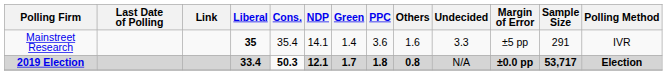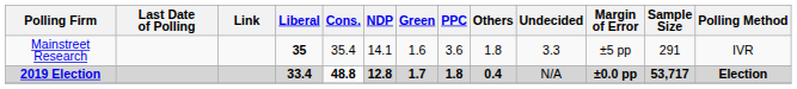 <table class="wikitable sortable" style="text-align:center;font-size:90%;line-height:14px;">
 <tr style="background:#e9e9e9;">
 <th style="width:120px">Polling Firm</th>
 <th style="width:110px">Last Date<br>of Polling</th>
 <th style="width:60px" class="unsortable">Link</th>
 <th style="background-color:"><a href='#'>Liberal</a></th>
 <th style="background-color:"><a href='#'>Cons.</a></th>
 <th style="background-color:"><a href='#'>NDP</a></th>
 <th style="background-color:"><a href='#'>Green</a></th>
 <th style="background-color:"><a href='#'><span>PPC</span></a></th>
 <th style="background-color:">Others</th>
 <th style="background-color:">Undecided</th>
 <th style="width:60px;" class=unsortable>Margin<br>of Error</th>
 <th style="width:50px;" class=unsortable>Sample<br>Size</th>
 <th class=unsortable>Polling Method</th>
 </tr>
 <tr>
 <td><a href='#'>Mainstreet Research</a></td>
 <td></td>
 <td></td>
 <td><strong>35</strong></td>
 <td>35.4</td>
 <td>14.1</td>
-<td>1.4</td>
+<td>1.6</td>
 <td>3.6</td>
-<td>1.6</td>
+<td>1.8</td>
 <td>3.3</td>
 <td>±5 pp</td>
 <td>291</td>
 <td>IVR</td>
 </tr>
 <tr>
 <td style="background:#D5D5D5"><strong><a href='#'>2019 Election</a></strong></td>
 <td style="background:#D5D5D5"><strong></strong></td>
 <td style="background:#D5D5D5"></td>
 <td style="background:#D5D5D5"><strong>33.4</strong></td>
-<td><strong>50.3</strong></td>
-<td style="background:#D5D5D5"><strong>12.1</strong></td>
+<td><strong>48.8</strong></td>
+<td style="background:#D5D5D5"><strong>12.8</strong></td>
 <td style="background:#D5D5D5"><strong>1.7</strong></td>
 <td style="background:#D5D5D5"><strong>1.8</strong></td>
-<td style="background:#D5D5D5"><strong>0.8</strong></td>
+<td style="background:#D5D5D5"><strong>0.4</strong></td>
 <td style="background:#D5D5D5">N/A</td>
 <td style="background:#D5D5D5"><strong>±0.0 pp</strong></td>
 <td style="background:#D5D5D5"><strong>53,717</strong></td>
 <td style="background:#D5D5D5"><strong>Election</strong></td>
 </tr>
 <tr>
 </tr>
 </table>
